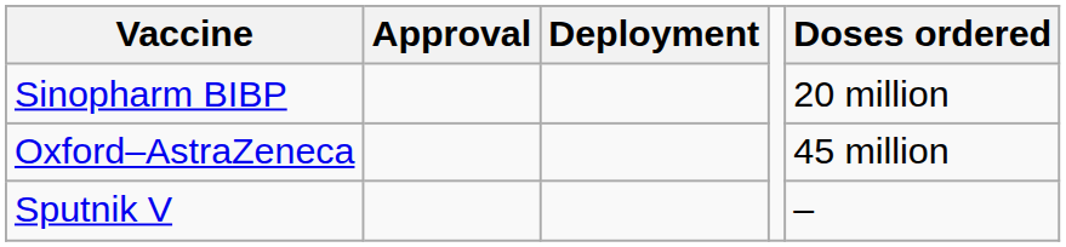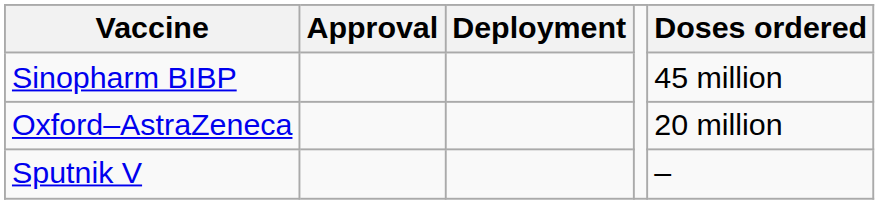 <table class="wikitable">
 <tr>
 <th>Vaccine</th>
 <th>Approval</th>
 <th>Deployment</th>
 <td rowspan="4"></td>
 <th>Doses ordered</th>
 </tr>
 <tr>
 <td><a href='#'>Sinopharm BIBP</a></td>
 <td></td>
 <td></td>
-<td>20 million</td>
+<td>45 million</td>
 </tr>
 <tr>
 <td><a href='#'>Oxford–AstraZeneca</a></td>
 <td></td>
 <td></td>
-<td>45 million</td>
+<td>20 million</td>
 </tr>
 <tr>
 <td><a href='#'>Sputnik V</a></td>
 <td></td>
 <td></td>
 <td>–</td>
 </tr>
 </table>
